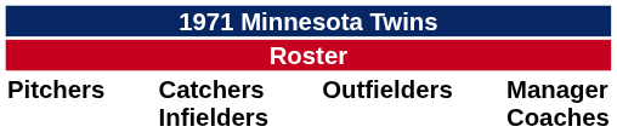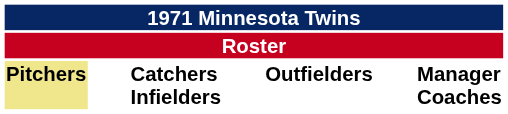 <table class="toccolours" style="font-size: 95%;">
 <tr>
 <th colspan="10" style="background-color: #072764; color: white; text-align: center;">1971 Minnesota Twins</th>
 </tr>
 <tr>
 <td colspan="10" style="background-color: #c6011f; color: white; text-align: center;"><strong>Roster</strong></td>
 </tr>
 <tr>
-<td valign="top"><strong>Pitchers</strong><br>             </td>
+<td valign="top" style="background: khaki;"><strong>Pitchers</strong><br>             </td>
 <td width="25px"></td>
 <td valign="top"><strong>Catchers</strong><br>     <strong>Infielders</strong>        </td>
 <td width="25px"></td>
 <td valign="top"><strong>Outfielders</strong><br>        </td>
 <td width="25px"></td>
 <td valign="top"><strong>Manager</strong><br> <strong>Coaches</strong>     </td>
 </tr>
 <tr>
 </tr>
 </table>
